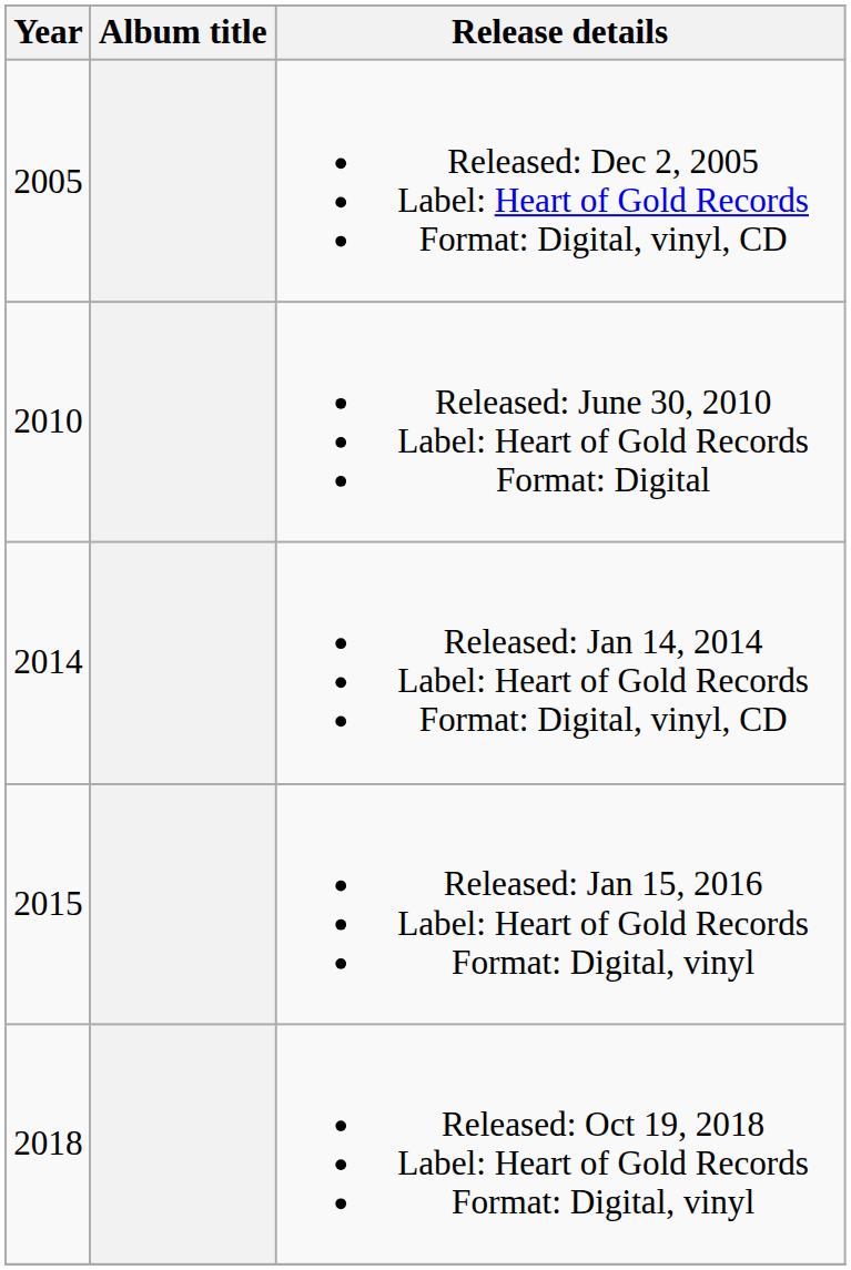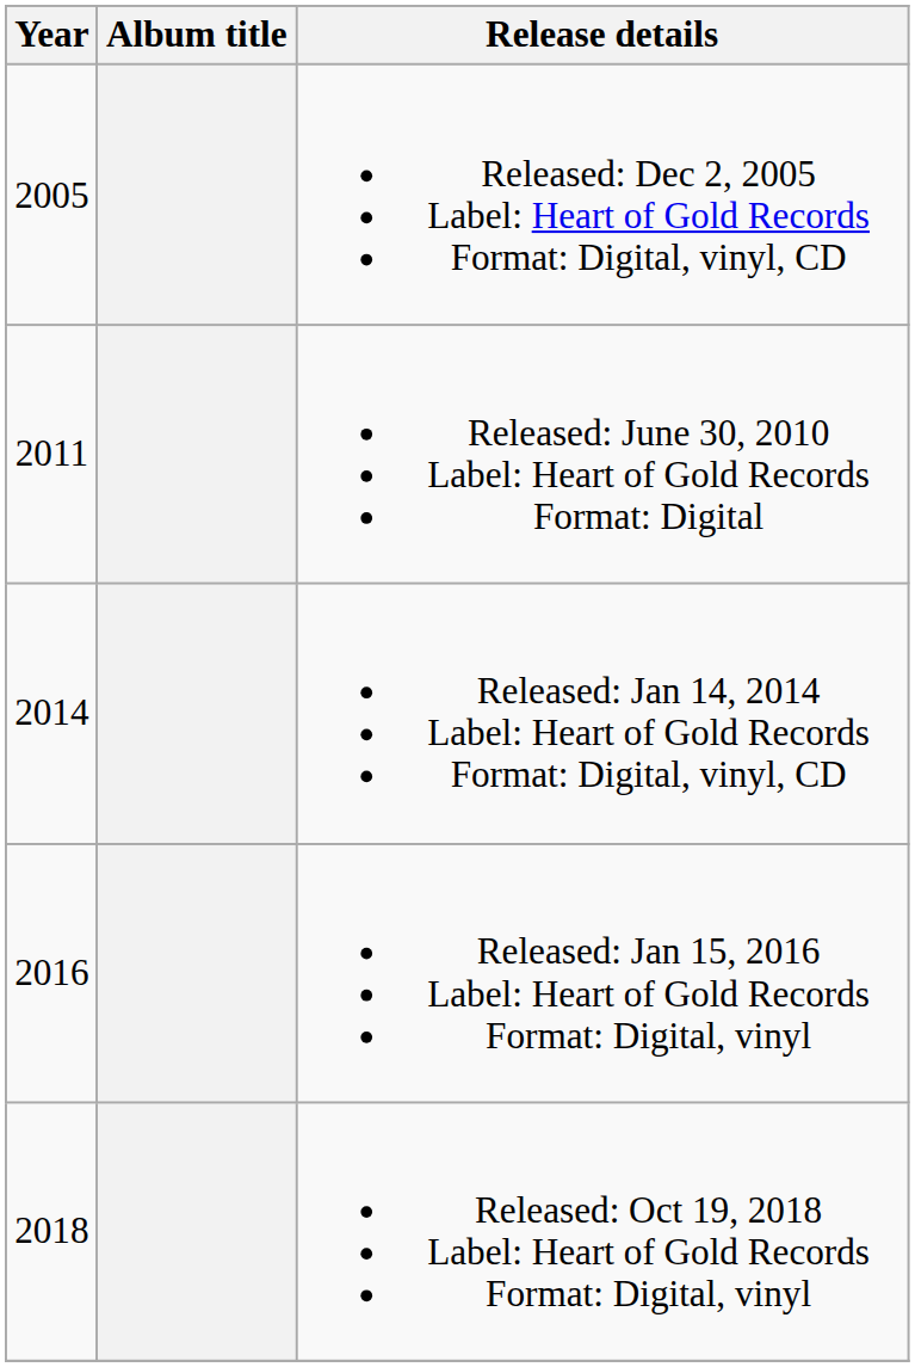 <table class="wikitable plainrowheaders" style="text-align:center;">
 <tr>
 <th>Year</th>
 <th scope="col" rowspan="1">Album title</th>
 <th scope="col" rowspan="1" style="width:16em;">Release details</th>
 </tr>
 <tr>
 <td>2005</td>
 <th></th>
 <td><br><ul><li>Released: Dec 2, 2005</li><li>Label: <a href='#'>Heart of Gold Records</a></li><li>Format: Digital, vinyl, CD</li></ul></td>
 </tr>
 <tr>
-<td>2010</td>
+<td>2011</td>
 <th></th>
 <td><br><ul><li>Released: June 30, 2010</li><li>Label: Heart of Gold Records</li><li>Format: Digital</li></ul></td>
 </tr>
 <tr>
 <td>2014</td>
 <th></th>
 <td><br><ul><li>Released: Jan 14, 2014</li><li>Label: Heart of Gold Records</li><li>Format: Digital, vinyl, CD</li></ul></td>
 </tr>
 <tr>
-<td>2015</td>
+<td>2016</td>
 <th></th>
 <td><br><ul><li>Released: Jan 15, 2016</li><li>Label: Heart of Gold Records</li><li>Format: Digital, vinyl</li></ul></td>
 </tr>
 <tr>
 <td>2018</td>
 <th></th>
 <td><br><ul><li>Released: Oct 19, 2018</li><li>Label: Heart of Gold Records</li><li>Format: Digital, vinyl</li></ul></td>
 </tr>
 <tr>
 </tr>
 </table>
